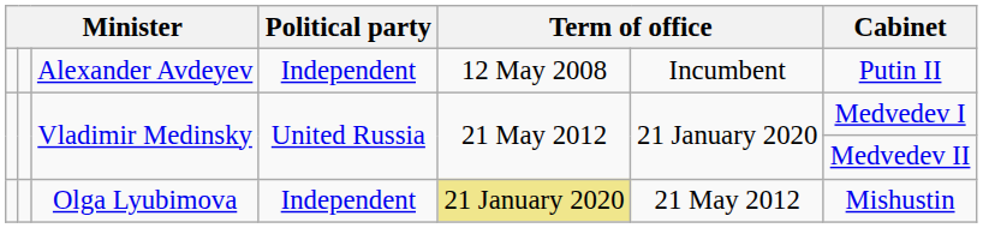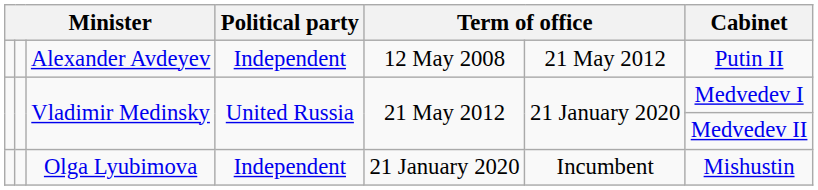 <table class="wikitable" style="text-align:center;">
 <tr>
 <th colspan=3>Minister</th>
 <th>Political party</th>
 <th colspan=2>Term of office</th>
 <th>Cabinet</th>
 </tr>
 <tr>
 <td style="background: "></td>
 <td></td>
 <td><a href='#'>Alexander Avdeyev</a></td>
 <td><a href='#'>Independent</a></td>
 <td>12 May 2008</td>
-<td>Incumbent</td>
+<td>21 May 2012</td>
 <td><a href='#'>Putin II</a></td>
 </tr>
 <tr>
 <td rowspan=2 style="background: "></td>
 <td rowspan=2></td>
 <td rowspan=2><a href='#'>Vladimir Medinsky</a></td>
 <td rowspan=2><a href='#'>United Russia</a></td>
 <td rowspan=2>21 May 2012</td>
 <td rowspan=2>21 January 2020</td>
 <td><a href='#'>Medvedev I</a></td>
 </tr>
 <tr>
 <td><a href='#'>Medvedev II</a></td>
 </tr>
 <tr>
 <td style="background: "></td>
 <td></td>
 <td><a href='#'>Olga Lyubimova</a></td>
 <td><a href='#'>Independent</a></td>
-<td style="background: khaki;">21 January 2020</td>
-<td>21 May 2012</td>
+<td>21 January 2020</td>
+<td>Incumbent</td>
 <td><a href='#'>Mishustin</a></td>
 </tr>
 </table>
